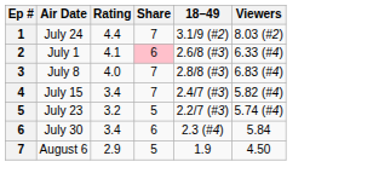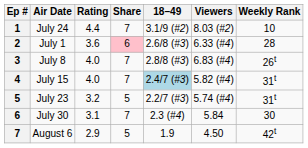 <table class="wikitable" style="text-align: center">
 <tr>
 <th>Ep #</th>
 <th>Air Date</th>
 <th>Rating</th>
 <th>Share</th>
 <th>18–49</th>
 <th>Viewers</th>
+<th>Weekly Rank</th>
 </tr>
 <tr>
 <th>1</th>
 <td style="text-align:center">July 24</td>
 <td style="text-align:center">4.4</td>
 <td style="text-align:center">7</td>
 <td style="text-align:center">3.1/9 (<em>#2</em>)</td>
 <td style="text-align:center">8.03 (<em>#2</em>)</td>
+<td style="text-align:center">10</td>
 </tr>
 <tr>
 <th>2</th>
 <td style="text-align:center">July 1</td>
-<td style="text-align:center">4.1</td>
+<td style="text-align:center">3.6</td>
 <td style="background: pink; text-align:center">6</td>
 <td style="text-align:center">2.6/8 (<em>#3</em>)</td>
 <td style="text-align:center">6.33 (<em>#4</em>)</td>
+<td style="text-align:center">28</td>
 </tr>
 <tr>
 <th>3</th>
 <td style="text-align:center">July 8</td>
 <td style="text-align:center">4.0</td>
 <td style="text-align:center">7</td>
 <td style="text-align:center">2.8/8 (<em>#3</em>)</td>
 <td style="text-align:center">6.83 (<em>#4</em>)</td>
+<td style="text-align:center">26<sup>t</sup></td>
 </tr>
 <tr>
 <th>4</th>
 <td style="text-align:center">July 15</td>
-<td style="text-align:center">3.4</td>
+<td style="text-align:center">4.0</td>
 <td style="text-align:center">7</td>
-<td style="text-align:center">2.4/7 (<em>#3</em>)</td>
+<td style="background: lightblue; text-align:center">2.4/7 (<em>#3</em>)</td>
 <td style="text-align:center">5.82 (<em>#4</em>)</td>
+<td style="text-align:center">31<sup>t</sup></td>
 </tr>
 <tr>
 <th>5</th>
 <td style="text-align:center">July 23</td>
 <td style="text-align:center">3.2</td>
 <td style="text-align:center">5</td>
 <td style="text=align:center">2.2/7 (<em>#3</em>)</td>
 <td style="text-align:center">5.74 (<em>#4</em>)</td>
+<td style="text-align:center">31<sup>t</sup></td>
 </tr>
 <tr>
 <th>6</th>
 <td style="text-align:center">July 30</td>
-<td>3.4</td>
-<td>6</td>
+<td>3.1</td>
+<td>7</td>
 <td>2.3 (<em>#4</em>)</td>
 <td>5.84</td>
+<td>30</td>
 </tr>
 <tr>
 <th>7</th>
 <td style="text-align:center">August 6</td>
 <td>2.9</td>
 <td>5</td>
 <td>1.9</td>
 <td>4.50</td>
+<td>42<sup>t</sup></td>
 </tr>
 </table>
